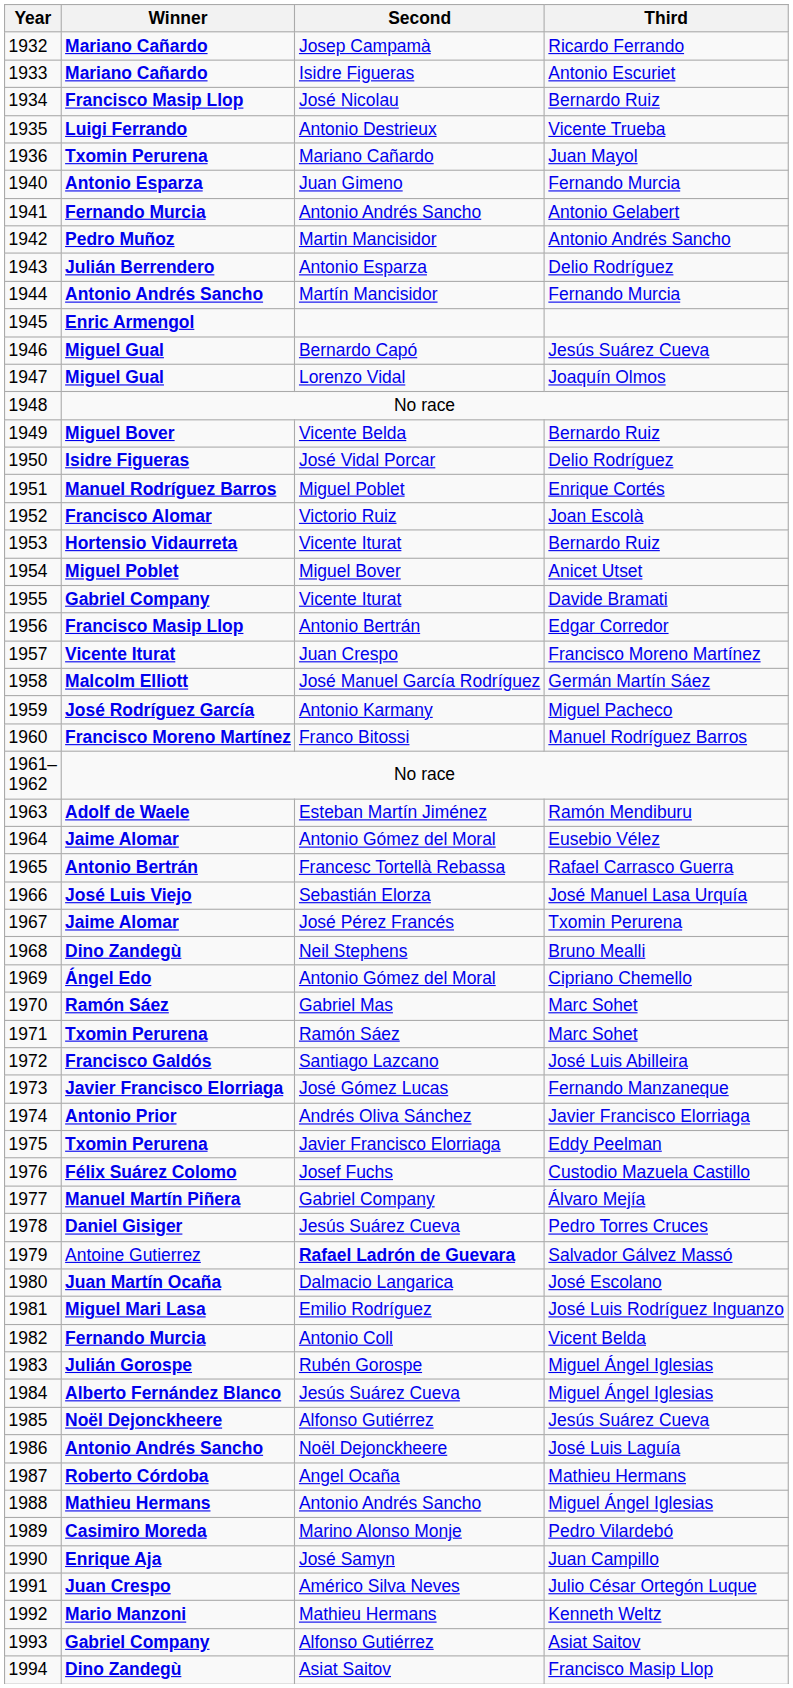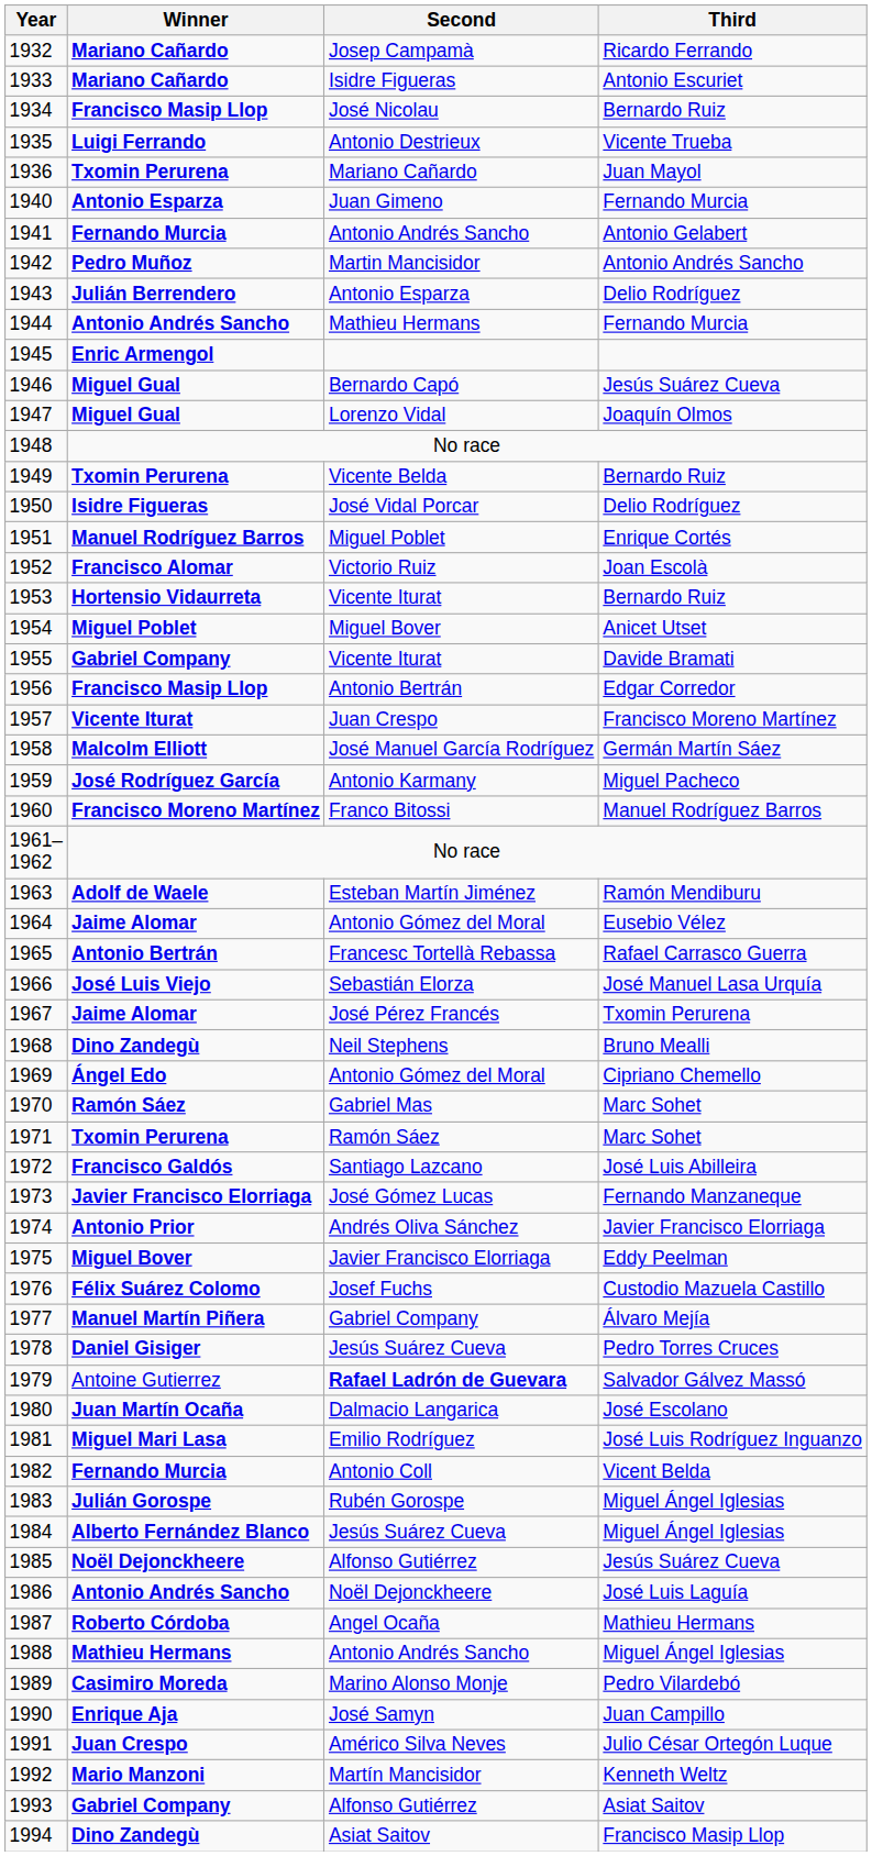 <table class="sortable wikitable">
 <tr>
 <th>Year</th>
 <th>Winner</th>
 <th>Second</th>
 <th>Third</th>
 </tr>
 <tr>
 <td>1932</td>
 <td> <strong><a href='#'>Mariano Cañardo</a></strong></td>
 <td> <a href='#'>Josep Campamà</a></td>
 <td> <a href='#'>Ricardo Ferrando</a></td>
 </tr>
 <tr>
 <td>1933</td>
 <td> <strong><a href='#'>Mariano Cañardo</a></strong></td>
 <td> <a href='#'>Isidre Figueras</a></td>
 <td> <a href='#'>Antonio Escuriet</a></td>
 </tr>
 <tr>
 <td>1934</td>
 <td> <strong><a href='#'>Francisco Masip Llop</a></strong></td>
 <td> <a href='#'>José Nicolau</a></td>
 <td> <a href='#'>Bernardo Ruiz</a></td>
 </tr>
 <tr>
 <td>1935</td>
 <td> <strong><a href='#'>Luigi Ferrando</a></strong></td>
 <td> <a href='#'>Antonio Destrieux</a></td>
 <td> <a href='#'>Vicente Trueba</a></td>
 </tr>
 <tr>
 <td>1936</td>
 <td> <strong><a href='#'>Txomin Perurena</a></strong></td>
 <td> <a href='#'>Mariano Cañardo</a></td>
 <td> <a href='#'>Juan Mayol</a></td>
 </tr>
 <tr>
 <td>1940</td>
 <td> <strong><a href='#'>Antonio Esparza</a></strong></td>
 <td> <a href='#'>Juan Gimeno</a></td>
 <td> <a href='#'>Fernando Murcia</a></td>
 </tr>
 <tr>
 <td>1941</td>
 <td> <strong><a href='#'>Fernando Murcia</a></strong></td>
 <td> <a href='#'>Antonio Andrés Sancho</a></td>
 <td> <a href='#'>Antonio Gelabert</a></td>
 </tr>
 <tr>
 <td>1942</td>
 <td> <strong><a href='#'>Pedro Muñoz</a></strong></td>
 <td> <a href='#'>Martin Mancisidor</a></td>
 <td> <a href='#'>Antonio Andrés Sancho</a></td>
 </tr>
 <tr>
 <td>1943</td>
 <td> <strong><a href='#'>Julián Berrendero</a></strong></td>
 <td> <a href='#'>Antonio Esparza</a></td>
 <td> <a href='#'>Delio Rodríguez</a></td>
 </tr>
 <tr>
 <td>1944</td>
 <td> <strong><a href='#'>Antonio Andrés Sancho</a></strong></td>
-<td> <a href='#'>Martín Mancisidor</a></td>
+<td> <a href='#'>Mathieu Hermans</a></td>
 <td> <a href='#'>Fernando Murcia</a></td>
 </tr>
 <tr>
 <td>1945</td>
 <td> <strong><a href='#'>Enric Armengol</a></strong></td>
 <td></td>
 <td></td>
 </tr>
 <tr>
 <td>1946</td>
 <td> <strong><a href='#'>Miguel Gual</a></strong></td>
 <td> <a href='#'>Bernardo Capó</a></td>
 <td> <a href='#'>Jesús Suárez Cueva</a></td>
 </tr>
 <tr>
 <td>1947</td>
 <td> <strong><a href='#'>Miguel Gual</a></strong></td>
 <td> <a href='#'>Lorenzo Vidal</a></td>
 <td> <a href='#'>Joaquín Olmos</a></td>
 </tr>
 <tr>
 <td>1948</td>
 <td colspan=3 align=center>No race</td>
 </tr>
 <tr>
 <td>1949</td>
-<td> <strong><a href='#'>Miguel Bover</a></strong></td>
+<td> <strong><a href='#'>Txomin Perurena</a></strong></td>
 <td> <a href='#'>Vicente Belda</a></td>
 <td> <a href='#'>Bernardo Ruiz</a></td>
 </tr>
 <tr>
 <td>1950</td>
 <td> <strong><a href='#'>Isidre Figueras</a></strong></td>
 <td> <a href='#'>José Vidal Porcar</a></td>
 <td> <a href='#'>Delio Rodríguez</a></td>
 </tr>
 <tr>
 <td>1951</td>
 <td> <strong><a href='#'>Manuel Rodríguez Barros</a></strong></td>
 <td> <a href='#'>Miguel Poblet</a></td>
 <td> <a href='#'>Enrique Cortés</a></td>
 </tr>
 <tr>
 <td>1952</td>
 <td> <strong><a href='#'>Francisco Alomar</a></strong></td>
 <td> <a href='#'>Victorio Ruiz</a></td>
 <td> <a href='#'>Joan Escolà</a></td>
 </tr>
 <tr>
 <td>1953</td>
 <td> <strong><a href='#'>Hortensio Vidaurreta</a></strong></td>
 <td> <a href='#'>Vicente Iturat</a></td>
 <td> <a href='#'>Bernardo Ruiz</a></td>
 </tr>
 <tr>
 <td>1954</td>
 <td> <strong><a href='#'>Miguel Poblet</a></strong></td>
 <td> <a href='#'>Miguel Bover</a></td>
 <td> <a href='#'>Anicet Utset</a></td>
 </tr>
 <tr>
 <td>1955</td>
 <td> <strong><a href='#'>Gabriel Company</a></strong></td>
 <td> <a href='#'>Vicente Iturat</a></td>
 <td> <a href='#'>Davide Bramati</a></td>
 </tr>
 <tr>
 <td>1956</td>
 <td> <strong><a href='#'>Francisco Masip Llop</a></strong></td>
 <td> <a href='#'>Antonio Bertrán</a></td>
 <td> <a href='#'>Edgar Corredor</a></td>
 </tr>
 <tr>
 <td>1957</td>
 <td> <strong><a href='#'>Vicente Iturat</a></strong></td>
 <td> <a href='#'>Juan Crespo</a></td>
 <td> <a href='#'>Francisco Moreno Martínez</a></td>
 </tr>
 <tr>
 <td>1958</td>
 <td> <strong><a href='#'>Malcolm Elliott</a></strong></td>
 <td> <a href='#'>José Manuel García Rodríguez</a></td>
 <td> <a href='#'>Germán Martín Sáez</a></td>
 </tr>
 <tr>
 <td>1959</td>
 <td> <strong><a href='#'>José Rodríguez García</a></strong></td>
 <td> <a href='#'>Antonio Karmany</a></td>
 <td> <a href='#'>Miguel Pacheco</a></td>
 </tr>
 <tr>
 <td>1960</td>
 <td> <strong><a href='#'>Francisco Moreno Martínez</a></strong></td>
 <td> <a href='#'>Franco Bitossi</a></td>
 <td> <a href='#'>Manuel Rodríguez Barros</a></td>
 </tr>
 <tr>
 <td>1961–<br>1962</td>
 <td colspan=3 align=center>No race</td>
 </tr>
 <tr>
 <td>1963</td>
 <td> <strong><a href='#'>Adolf de Waele</a></strong></td>
 <td> <a href='#'>Esteban Martín Jiménez</a></td>
 <td> <a href='#'>Ramón Mendiburu</a></td>
 </tr>
 <tr>
 <td>1964</td>
 <td> <strong><a href='#'>Jaime Alomar</a></strong></td>
 <td> <a href='#'>Antonio Gómez del Moral</a></td>
 <td> <a href='#'>Eusebio Vélez</a></td>
 </tr>
 <tr>
 <td>1965</td>
 <td> <strong><a href='#'>Antonio Bertrán</a></strong></td>
 <td> <a href='#'>Francesc Tortellà Rebassa</a></td>
 <td> <a href='#'>Rafael Carrasco Guerra</a></td>
 </tr>
 <tr>
 <td>1966</td>
 <td> <strong><a href='#'>José Luis Viejo</a></strong></td>
 <td> <a href='#'>Sebastián Elorza</a></td>
 <td> <a href='#'>José Manuel Lasa Urquía</a></td>
 </tr>
 <tr>
 <td>1967</td>
 <td> <strong><a href='#'>Jaime Alomar</a></strong></td>
 <td> <a href='#'>José Pérez Francés</a></td>
 <td> <a href='#'>Txomin Perurena</a></td>
 </tr>
 <tr>
 <td>1968</td>
 <td> <strong><a href='#'>Dino Zandegù</a></strong></td>
 <td> <a href='#'>Neil Stephens</a></td>
 <td> <a href='#'>Bruno Mealli</a></td>
 </tr>
 <tr>
 <td>1969</td>
 <td> <strong><a href='#'>Ángel Edo</a></strong></td>
 <td> <a href='#'>Antonio Gómez del Moral</a></td>
 <td> <a href='#'>Cipriano Chemello</a></td>
 </tr>
 <tr>
 <td>1970</td>
 <td> <strong><a href='#'>Ramón Sáez</a></strong></td>
 <td> <a href='#'>Gabriel Mas</a></td>
 <td> <a href='#'>Marc Sohet</a></td>
 </tr>
 <tr>
 <td>1971</td>
 <td> <strong><a href='#'>Txomin Perurena</a></strong></td>
 <td> <a href='#'>Ramón Sáez</a></td>
 <td> <a href='#'>Marc Sohet</a></td>
 </tr>
 <tr>
 <td>1972</td>
 <td> <strong><a href='#'>Francisco Galdós</a></strong></td>
 <td> <a href='#'>Santiago Lazcano</a></td>
 <td> <a href='#'>José Luis Abilleira</a></td>
 </tr>
 <tr>
 <td>1973</td>
 <td> <strong><a href='#'>Javier Francisco Elorriaga</a></strong></td>
 <td> <a href='#'>José Gómez Lucas</a></td>
 <td> <a href='#'>Fernando Manzaneque</a></td>
 </tr>
 <tr>
 <td>1974</td>
 <td> <strong><a href='#'>Antonio Prior</a></strong></td>
 <td> <a href='#'>Andrés Oliva Sánchez</a></td>
 <td> <a href='#'>Javier Francisco Elorriaga</a></td>
 </tr>
 <tr>
 <td>1975</td>
-<td> <strong><a href='#'>Txomin Perurena</a></strong></td>
+<td> <strong><a href='#'>Miguel Bover</a></strong></td>
 <td> <a href='#'>Javier Francisco Elorriaga</a></td>
 <td> <a href='#'>Eddy Peelman</a></td>
 </tr>
 <tr>
 <td>1976</td>
 <td> <strong><a href='#'>Félix Suárez Colomo</a></strong></td>
 <td> <a href='#'>Josef Fuchs</a></td>
 <td> <a href='#'>Custodio Mazuela Castillo</a></td>
 </tr>
 <tr>
 <td>1977</td>
 <td> <strong><a href='#'>Manuel Martín Piñera</a></strong></td>
 <td> <a href='#'>Gabriel Company</a></td>
 <td> <a href='#'>Álvaro Mejía</a></td>
 </tr>
 <tr>
 <td>1978</td>
 <td> <strong><a href='#'>Daniel Gisiger</a></strong></td>
 <td> <a href='#'>Jesús Suárez Cueva</a></td>
 <td> <a href='#'>Pedro Torres Cruces</a></td>
 </tr>
 <tr>
 <td>1979</td>
 <td> <a href='#'>Antoine Gutierrez</a></td>
 <td> <strong><a href='#'>Rafael Ladrón de Guevara</a></strong></td>
 <td> <a href='#'>Salvador Gálvez Massó</a></td>
 </tr>
 <tr>
 <td>1980</td>
 <td> <strong><a href='#'>Juan Martín Ocaña</a></strong></td>
 <td> <a href='#'>Dalmacio Langarica</a></td>
 <td> <a href='#'>José Escolano</a></td>
 </tr>
 <tr>
 <td>1981</td>
 <td> <strong><a href='#'>Miguel Mari Lasa</a></strong></td>
 <td> <a href='#'>Emilio Rodríguez</a></td>
 <td> <a href='#'>José Luis Rodríguez Inguanzo</a></td>
 </tr>
 <tr>
 <td>1982</td>
 <td> <strong><a href='#'>Fernando Murcia</a></strong></td>
 <td> <a href='#'>Antonio Coll</a></td>
 <td> <a href='#'>Vicent Belda</a></td>
 </tr>
 <tr>
 <td>1983</td>
 <td> <strong><a href='#'>Julián Gorospe</a></strong></td>
 <td> <a href='#'>Rubén Gorospe</a></td>
 <td> <a href='#'>Miguel Ángel Iglesias</a></td>
 </tr>
 <tr>
 <td>1984</td>
 <td> <strong><a href='#'>Alberto Fernández Blanco</a></strong></td>
 <td> <a href='#'>Jesús Suárez Cueva</a></td>
 <td> <a href='#'>Miguel Ángel Iglesias</a></td>
 </tr>
 <tr>
 <td>1985</td>
 <td> <strong><a href='#'>Noël Dejonckheere</a></strong></td>
 <td> <a href='#'>Alfonso Gutiérrez</a></td>
 <td> <a href='#'>Jesús Suárez Cueva</a></td>
 </tr>
 <tr>
 <td>1986</td>
 <td> <strong><a href='#'>Antonio Andrés Sancho</a></strong></td>
 <td> <a href='#'>Noël Dejonckheere</a></td>
 <td> <a href='#'>José Luis Laguía</a></td>
 </tr>
 <tr>
 <td>1987</td>
 <td> <strong><a href='#'>Roberto Córdoba</a></strong></td>
 <td> <a href='#'>Angel Ocaña</a></td>
 <td> <a href='#'>Mathieu Hermans</a></td>
 </tr>
 <tr>
 <td>1988</td>
 <td> <strong><a href='#'>Mathieu Hermans</a></strong></td>
 <td> <a href='#'>Antonio Andrés Sancho</a></td>
 <td> <a href='#'>Miguel Ángel Iglesias</a></td>
 </tr>
 <tr>
 <td>1989</td>
 <td> <strong><a href='#'>Casimiro Moreda</a></strong></td>
 <td> <a href='#'>Marino Alonso Monje</a></td>
 <td> <a href='#'>Pedro Vilardebó</a></td>
 </tr>
 <tr>
 <td>1990</td>
 <td> <strong><a href='#'>Enrique Aja</a></strong></td>
 <td> <a href='#'>José Samyn</a></td>
 <td> <a href='#'>Juan Campillo</a></td>
 </tr>
 <tr>
 <td>1991</td>
 <td> <strong><a href='#'>Juan Crespo</a></strong></td>
 <td> <a href='#'>Américo Silva Neves</a></td>
 <td> <a href='#'>Julio César Ortegón Luque</a></td>
 </tr>
 <tr>
 <td>1992</td>
 <td> <strong><a href='#'>Mario Manzoni</a></strong></td>
-<td> <a href='#'>Mathieu Hermans</a></td>
+<td> <a href='#'>Martín Mancisidor</a></td>
 <td> <a href='#'>Kenneth Weltz</a></td>
 </tr>
 <tr>
 <td>1993</td>
 <td> <strong><a href='#'>Gabriel Company</a></strong></td>
 <td> <a href='#'>Alfonso Gutiérrez</a></td>
 <td> <a href='#'>Asiat Saitov</a></td>
 </tr>
 <tr>
 <td>1994</td>
 <td> <strong><a href='#'>Dino Zandegù</a></strong></td>
 <td> <a href='#'>Asiat Saitov</a></td>
 <td> <a href='#'>Francisco Masip Llop</a></td>
 </tr>
 </table>
